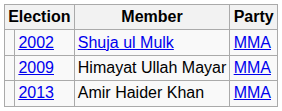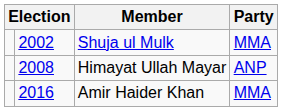 <table class="wikitable">
 <tr>
 <th colspan="2">Election</th>
 <th>Member</th>
 <th>Party</th>
 </tr>
 <tr>
 <td style="background-color: "></td>
 <td><a href='#'>2002</a></td>
 <td><a href='#'>Shuja ul Mulk</a></td>
 <td><a href='#'>MMA</a></td>
 </tr>
 <tr>
 <td style="background-color: "></td>
-<td><a href='#'>2009</a></td>
+<td><a href='#'>2008</a></td>
 <td>Himayat Ullah Mayar</td>
-<td><a href='#'>MMA</a></td>
+<td><a href='#'>ANP</a></td>
 </tr>
 <tr>
 <td style="background-color: "></td>
-<td><a href='#'>2013</a></td>
+<td><a href='#'>2016</a></td>
 <td>Amir Haider Khan</td>
 <td><a href='#'>MMA</a></td>
 </tr>
 </table>
